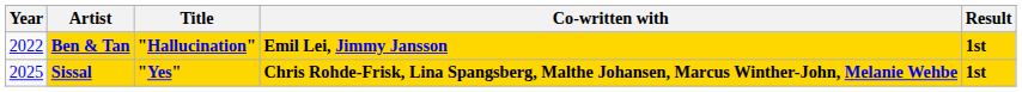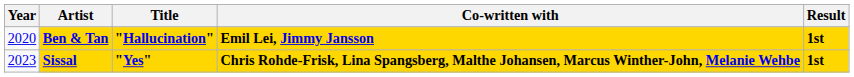 <table class="wikitable plainrowheaders">
 <tr>
 <th scope="col">Year</th>
 <th scope="col">Artist</th>
 <th scope="col">Title</th>
 <th scope="col">Co-written with</th>
 <th scope="col">Result</th>
 </tr>
 <tr>
-<td><a href='#'>2022</a></td>
+<td><a href='#'>2020</a></td>
 <td bgcolor="gold" style="font-weight:bold;"><a href='#'>Ben & Tan</a></td>
 <td bgcolor="gold" style="font-weight:bold;">"<a href='#'>Hallucination</a>"</td>
 <td bgcolor="gold" style="font-weight:bold;">Emil Lei, <a href='#'>Jimmy Jansson</a></td>
 <td bgcolor="gold" style="font-weight:bold;">1st</td>
 </tr>
 <tr>
-<td><a href='#'>2025</a></td>
+<td><a href='#'>2023</a></td>
 <td bgcolor="gold" style="font-weight:bold;"><a href='#'>Sissal</a></td>
 <td bgcolor="gold" style="font-weight:bold;">"<a href='#'>Yes</a>"</td>
 <td bgcolor="gold" style="font-weight:bold;">Chris Rohde-Frisk, Lina Spangsberg, Malthe Johansen, Marcus Winther-John, <a href='#'>Melanie Wehbe</a></td>
 <td bgcolor="gold" style="font-weight:bold;">1st</td>
 </tr>
 </table>
